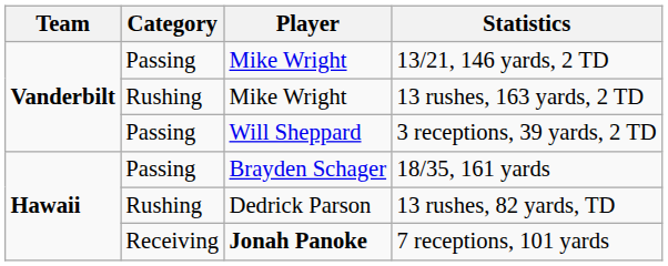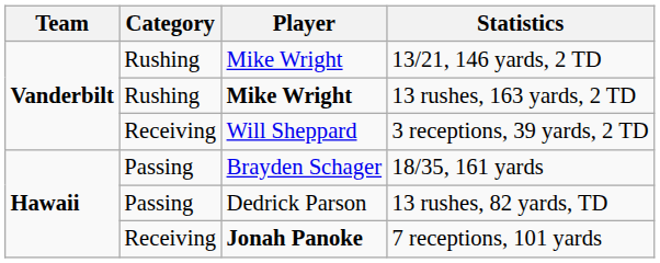 <table class="wikitable" style="float: left;">
 <tr>
 <th>Team</th>
 <th>Category</th>
 <th>Player</th>
 <th>Statistics</th>
 </tr>
 <tr>
 <td rowspan=3><strong>Vanderbilt</strong></td>
-<td>Passing</td>
+<td>Rushing</td>
 <td><a href='#'>Mike Wright</a></td>
 <td>13/21, 146 yards, 2 TD</td>
 </tr>
 <tr>
 <td>Rushing</td>
-<td>Mike Wright</td>
+<td><strong>Mike Wright</strong></td>
 <td>13 rushes, 163 yards, 2 TD</td>
 </tr>
 <tr>
-<td>Passing</td>
+<td>Receiving</td>
 <td><a href='#'>Will Sheppard</a></td>
 <td>3 receptions, 39 yards, 2 TD</td>
 </tr>
 <tr>
 <td rowspan=3><strong>Hawaii</strong></td>
 <td>Passing</td>
 <td><a href='#'>Brayden Schager</a></td>
 <td>18/35, 161 yards</td>
 </tr>
 <tr>
-<td>Rushing</td>
+<td>Passing</td>
 <td>Dedrick Parson</td>
 <td>13 rushes, 82 yards, TD</td>
 </tr>
 <tr>
 <td>Receiving</td>
 <td><strong>Jonah Panoke</strong></td>
 <td>7 receptions, 101 yards</td>
 </tr>
 </table>
